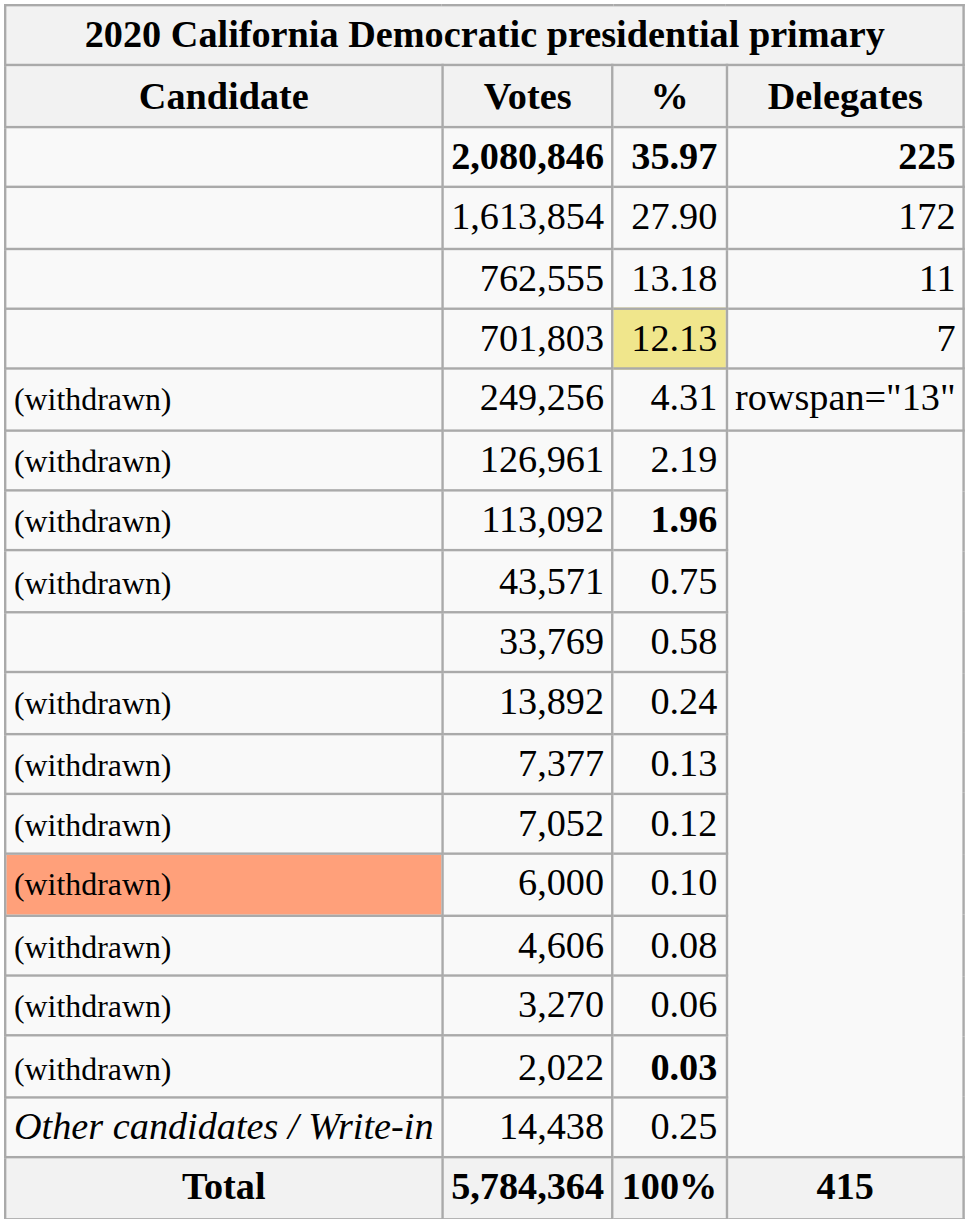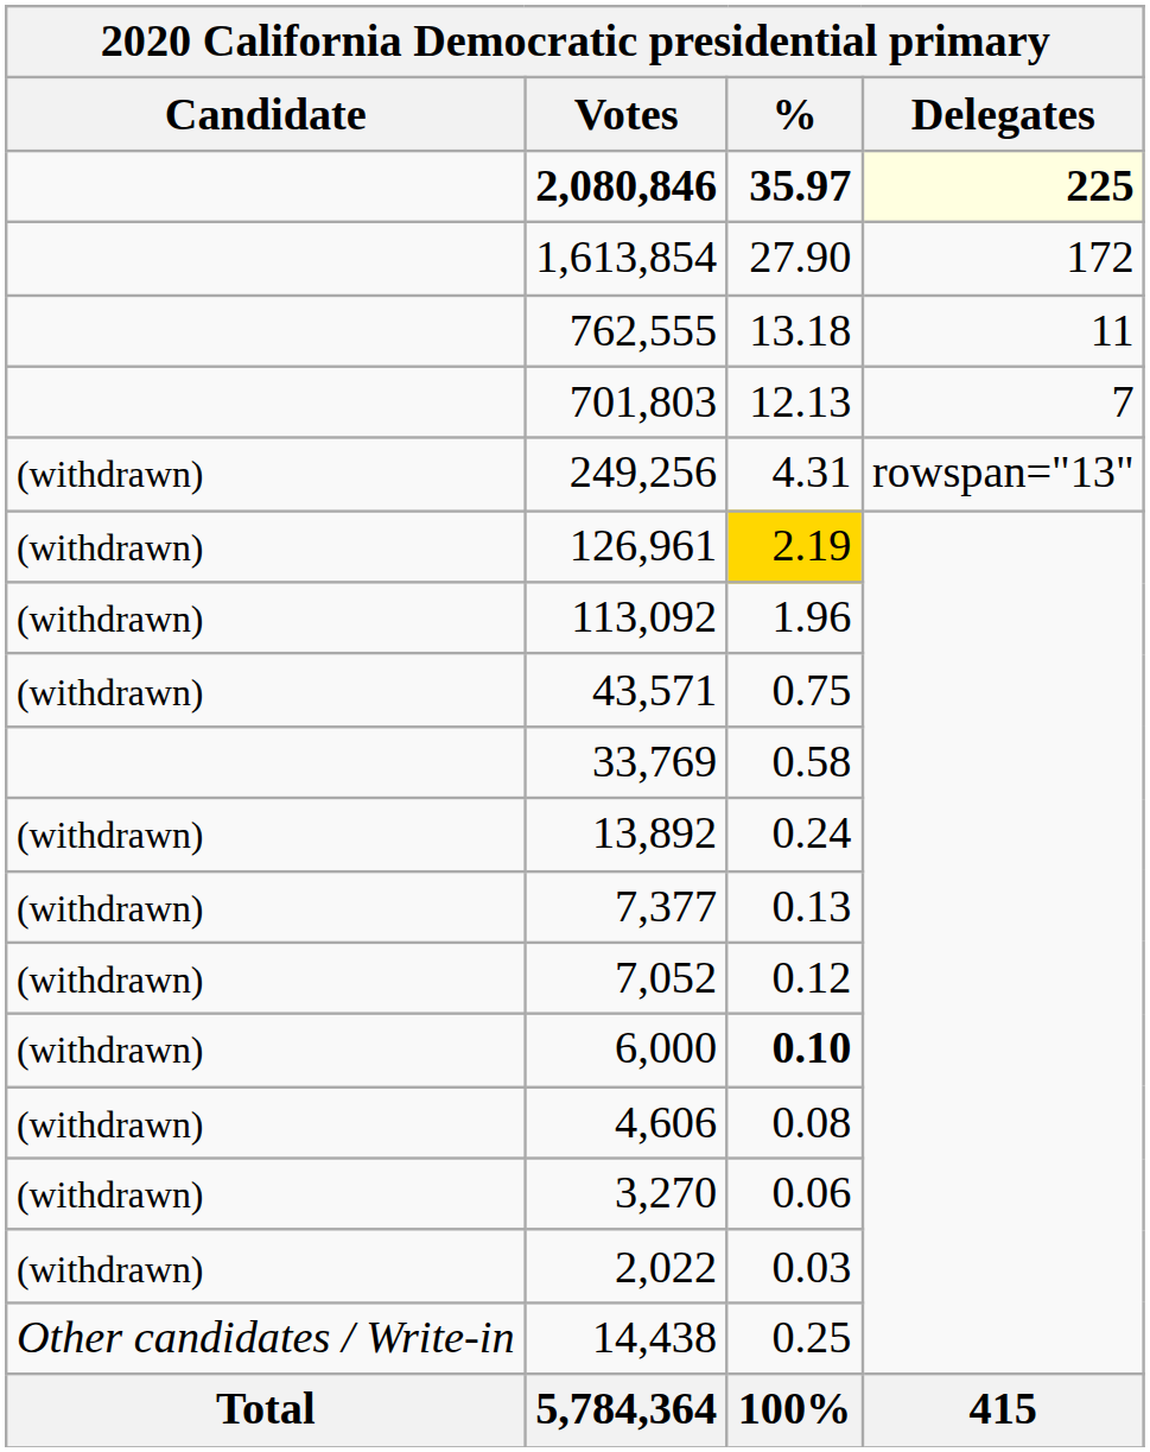 <table class="wikitable sortable">
 <tr>
 <th colspan=4>2020 California Democratic presidential primary</th>
 </tr>
 <tr>
 <th>Candidate</th>
 <th>Votes</th>
 <th>%</th>
 <th>Delegates</th>
 </tr>
 <tr>
 <td><strong></strong></td>
 <td style="text-align:right"><strong>2,080,846</strong></td>
 <td style="text-align:right"><strong>35.97</strong></td>
-<td style="text-align:right"><strong>225</strong></td>
+<td style="background: lightyellow; text-align:right"><strong>225</strong></td>
 </tr>
 <tr>
 <td></td>
 <td style="text-align:right">1,613,854</td>
 <td style="text-align:right">27.90</td>
 <td style="text-align:right">172</td>
 </tr>
 <tr>
 <td></td>
 <td style="text-align:right">762,555</td>
 <td style="text-align:right">13.18</td>
 <td style="text-align:right">11</td>
 </tr>
 <tr>
 <td></td>
 <td style="text-align:right">701,803</td>
-<td style="background: khaki; text-align:right">12.13</td>
+<td style="text-align:right">12.13</td>
 <td style="text-align:right">7</td>
 </tr>
 <tr>
 <td> <small>(withdrawn)</small></td>
 <td style="text-align:right">249,256</td>
 <td style="text-align:right">4.31</td>
 <td>rowspan="13" </td>
 </tr>
 <tr>
 <td> <small>(withdrawn)</small></td>
 <td style="text-align:right">126,961</td>
-<td style="text-align:right">2.19</td>
+<td style="background: gold; text-align:right">2.19</td>
 </tr>
 <tr>
 <td> <small>(withdrawn)</small></td>
 <td style="text-align:right">113,092</td>
-<td style="text-align:right"><strong>1.96</strong></td>
+<td style="text-align:right">1.96</td>
 </tr>
 <tr>
 <td> <small>(withdrawn)</small></td>
 <td style="text-align:right">43,571</td>
 <td style="text-align:right">0.75</td>
 </tr>
 <tr>
 <td></td>
 <td style="text-align:right">33,769</td>
 <td style="text-align:right">0.58</td>
 </tr>
 <tr>
 <td> <small>(withdrawn)</small></td>
 <td style="text-align:right">13,892</td>
 <td style="text-align:right">0.24</td>
 </tr>
 <tr>
 <td> <small>(withdrawn)</small></td>
 <td style="text-align:right">7,377</td>
 <td style="text-align:right">0.13</td>
 </tr>
 <tr>
 <td> <small>(withdrawn)</small></td>
 <td style="text-align:right">7,052</td>
 <td style="text-align:right">0.12</td>
 </tr>
 <tr>
-<td style="background: lightsalmon;"> <small>(withdrawn)</small></td>
+<td> <small>(withdrawn)</small></td>
 <td style="text-align:right">6,000</td>
-<td style="text-align:right">0.10</td>
+<td style="text-align:right"><strong>0.10</strong></td>
 </tr>
 <tr>
 <td> <small>(withdrawn)</small></td>
 <td style="text-align:right">4,606</td>
 <td style="text-align:right">0.08</td>
 </tr>
 <tr>
 <td> <small>(withdrawn)</small></td>
 <td style="text-align:right">3,270</td>
 <td style="text-align:right">0.06</td>
 </tr>
 <tr>
 <td> <small>(withdrawn)</small></td>
 <td style="text-align:right">2,022</td>
-<td style="text-align:right"><strong>0.03</strong></td>
+<td style="text-align:right">0.03</td>
 </tr>
 <tr>
 <td data-sort-value="ZZ"><em>Other candidates / Write-in</em></td>
 <td style="text-align:right">14,438</td>
 <td style="text-align:right">0.25</td>
 </tr>
 <tr>
 <th>Total</th>
 <th>5,784,364</th>
 <th>100%</th>
 <th>415</th>
 </tr>
 </table>
